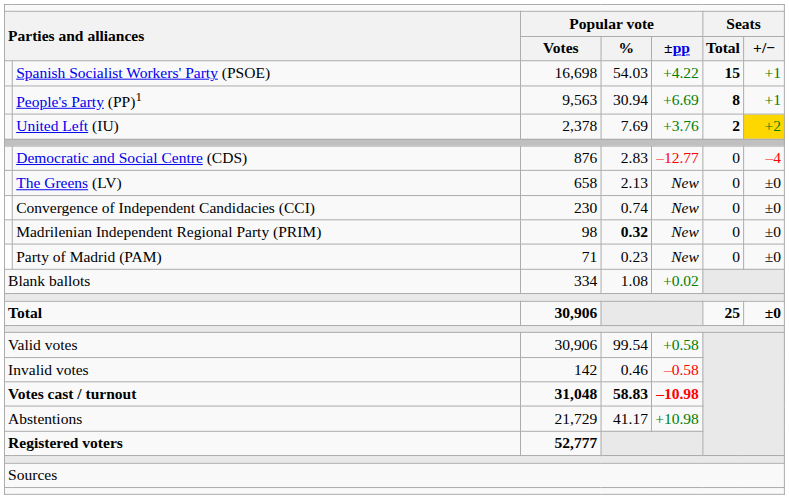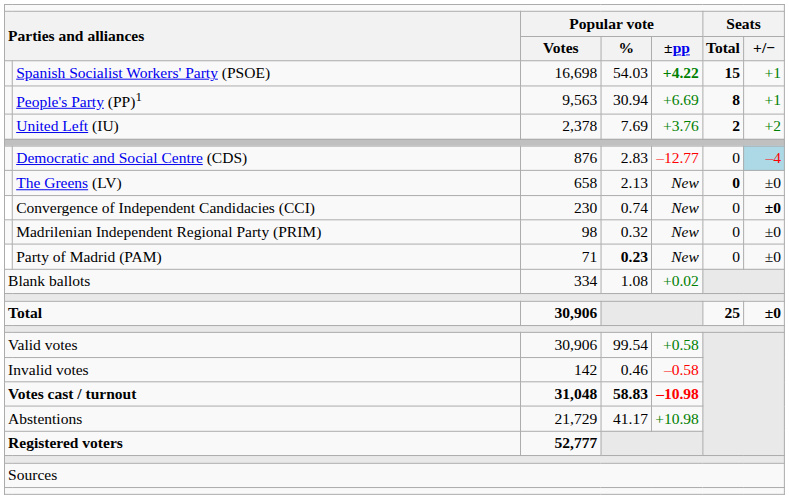 <table class="wikitable" style="text-align:right;">
 <tr>
 <td colspan="7"></td>
 </tr>
 <tr>
 <th style="text-align:left;" rowspan="2" colspan="2" width="525">Parties and alliances</th>
 <th colspan="3">Popular vote</th>
 <th colspan="2">Seats</th>
 </tr>
 <tr>
 <th width="75">Votes</th>
 <th width="45">%</th>
 <th width="45">±<a href='#'>pp</a></th>
 <th width="35">Total</th>
 <th width="35">+/−</th>
 </tr>
 <tr>
 <td width="1" style="color:inherit;background:"></td>
 <td align="left"><a href='#'>Spanish Socialist Workers' Party</a> (PSOE)</td>
 <td>16,698</td>
 <td>54.03</td>
-<td style="color:green;">+4.22</td>
+<td style="color:green;"><strong>+4.22</strong></td>
 <td><strong>15</strong></td>
 <td style="color:green;">+1</td>
 </tr>
 <tr>
 <td style="color:inherit;background:"></td>
 <td align="left"><a href='#'>People's Party</a> (PP)<sup>1</sup></td>
 <td>9,563</td>
 <td>30.94</td>
 <td style="color:green;">+6.69</td>
 <td><strong>8</strong></td>
 <td style="color:green;">+1</td>
 </tr>
 <tr>
 <td style="color:inherit;background:"></td>
 <td align="left"><a href='#'>United Left</a> (IU)</td>
 <td>2,378</td>
 <td>7.69</td>
 <td style="color:green;">+3.76</td>
 <td><strong>2</strong></td>
-<td style="background: gold; color:green;">+2</td>
+<td style="color:green;">+2</td>
 </tr>
 <tr>
 <td colspan="7" bgcolor="#C0C0C0"></td>
 </tr>
 <tr>
 <td style="color:inherit;background:"></td>
 <td align="left"><a href='#'>Democratic and Social Centre</a> (CDS)</td>
 <td>876</td>
 <td>2.83</td>
 <td style="color:red;">–12.77</td>
 <td>0</td>
-<td style="color:red;">–4</td>
+<td style="background: lightblue; color:red;">–4</td>
 </tr>
 <tr>
 <td style="color:inherit;background:"></td>
 <td align="left"><a href='#'>The Greens</a> (LV)</td>
 <td>658</td>
 <td>2.13</td>
 <td><em>New</em></td>
-<td>0</td>
+<td><strong>0</strong></td>
 <td>±0</td>
 </tr>
 <tr>
 <td bgcolor="white"></td>
 <td align="left">Convergence of Independent Candidacies (CCI)</td>
 <td>230</td>
 <td>0.74</td>
 <td><em>New</em></td>
 <td>0</td>
-<td>±0</td>
+<td><strong>±0</strong></td>
 </tr>
 <tr>
 <td style="color:inherit;background:"></td>
 <td align="left">Madrilenian Independent Regional Party (PRIM)</td>
 <td>98</td>
-<td><strong>0.32</strong></td>
+<td>0.32</td>
 <td><em>New</em></td>
 <td>0</td>
 <td>±0</td>
 </tr>
 <tr>
 <td bgcolor="white"></td>
 <td align="left">Party of Madrid (PAM)</td>
 <td>71</td>
-<td>0.23</td>
+<td><strong>0.23</strong></td>
 <td><em>New</em></td>
 <td>0</td>
 <td>±0</td>
 </tr>
 <tr>
 <td align="left" colspan="2">Blank ballots</td>
 <td>334</td>
 <td>1.08</td>
 <td style="color:green;">+0.02</td>
 <td bgcolor="#E9E9E9" colspan="2"></td>
 </tr>
 <tr>
 <td colspan="7" bgcolor="#E9E9E9"></td>
 </tr>
 <tr style="font-weight:bold;">
 <td align="left" colspan="2">Total</td>
 <td>30,906</td>
 <td bgcolor="#E9E9E9" colspan="2"></td>
 <td>25</td>
 <td>±0</td>
 </tr>
 <tr>
 <td colspan="7" bgcolor="#E9E9E9"></td>
 </tr>
 <tr>
 <td align="left" colspan="2">Valid votes</td>
 <td>30,906</td>
 <td>99.54</td>
 <td style="color:green;">+0.58</td>
 <td bgcolor="#E9E9E9" colspan="2" rowspan="5"></td>
 </tr>
 <tr>
 <td align="left" colspan="2">Invalid votes</td>
 <td>142</td>
 <td>0.46</td>
 <td style="color:red;">–0.58</td>
 </tr>
 <tr style="font-weight:bold;">
 <td align="left" colspan="2">Votes cast / turnout</td>
 <td>31,048</td>
 <td>58.83</td>
 <td style="color:red;">–10.98</td>
 </tr>
 <tr>
 <td align="left" colspan="2">Abstentions</td>
 <td>21,729</td>
 <td>41.17</td>
 <td style="color:green;">+10.98</td>
 </tr>
 <tr style="font-weight:bold;">
 <td align="left" colspan="2">Registered voters</td>
 <td>52,777</td>
 <td bgcolor="#E9E9E9" colspan="2"></td>
 </tr>
 <tr>
 <td colspan="7" bgcolor="#E9E9E9"></td>
 </tr>
 <tr>
 <td align="left" colspan="7">Sources</td>
 </tr>
 <tr>
 <td colspan="7" style="text-align:left; max-width:790px;"></td>
 </tr>
 </table>
